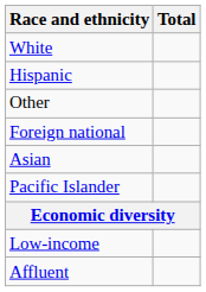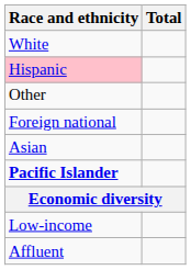 <table class="wikitable floatright sortable collapsible"; text-align:right; font-size:80%;">
 <tr>
 <th>Race and ethnicity</th>
 <th colspan="2" data-sort-type=number>Total</th>
 </tr>
 <tr>
 <td><a href='#'>White</a></td>
 <td align=right></td>
 </tr>
 <tr>
-<td><a href='#'>Hispanic</a></td>
+<td style="background: pink;"><a href='#'>Hispanic</a></td>
 <td align=right></td>
 </tr>
 <tr>
 <td>Other</td>
 <td align=right></td>
 </tr>
 <tr>
 <td><a href='#'>Foreign national</a></td>
 <td align=right></td>
 </tr>
 <tr>
 <td><a href='#'>Asian</a></td>
 <td align=right></td>
 </tr>
 <tr>
-<td><a href='#'>Pacific Islander</a></td>
+<td><strong><a href='#'>Pacific Islander</a></strong></td>
 <td align=right></td>
 </tr>
 <tr>
 <th colspan="4" data-sort-type=number><a href='#'>Economic diversity</a></th>
 </tr>
 <tr>
 <td><a href='#'>Low-income</a></td>
 <td align=right></td>
 </tr>
 <tr>
 <td><a href='#'>Affluent</a></td>
 <td align=right></td>
 </tr>
 </table>
